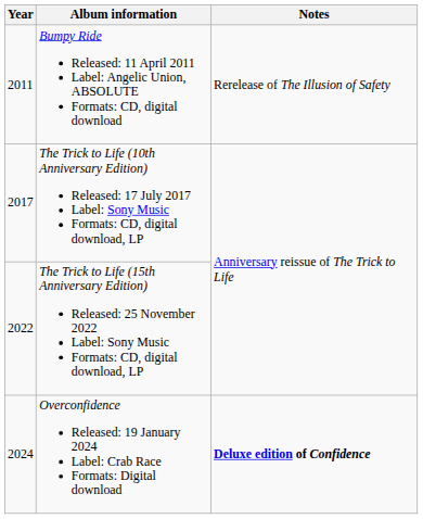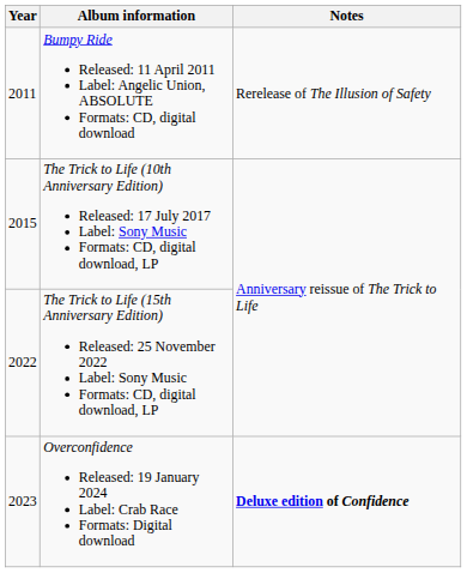 <table class="wikitable">
 <tr>
 <th>Year</th>
 <th style="width:210px;">Album information</th>
 <th style="width:250px;">Notes</th>
 </tr>
 <tr>
 <td>2011</td>
 <td align="left"><em><a href='#'>Bumpy Ride</a></em><br><ul><li>Released: 11 April 2011</li><li>Label: Angelic Union, ABSOLUTE</li><li>Formats: CD, digital download</li></ul></td>
 <td align="left">Rerelease of <em>The Illusion of Safety</em></td>
 </tr>
 <tr>
-<td>2017</td>
+<td>2015</td>
 <td align="left"><em>The Trick to Life (10th Anniversary Edition)</em><br><ul><li>Released: 17 July 2017</li><li>Label: <a href='#'>Sony Music</a></li><li>Formats: CD, digital download, LP</li></ul></td>
 <td align="left" rowspan=2><a href='#'>Anniversary</a> reissue of <em>The Trick to Life</em></td>
 </tr>
 <tr>
 <td>2022</td>
 <td align="left"><em>The Trick to Life (15th Anniversary Edition)</em><br><ul><li>Released: 25 November 2022</li><li>Label: Sony Music</li><li>Formats: CD, digital download, LP</li></ul></td>
 </tr>
 <tr>
-<td>2024</td>
+<td>2023</td>
 <td align="left"><em>Overconfidence</em><br><ul><li>Released: 19 January 2024</li><li>Label: Crab Race</li><li>Formats: Digital download</li></ul></td>
 <td align="left"><strong><a href='#'>Deluxe edition</a> of <em>Confidence</em></strong></td>
 </tr>
 </table>
